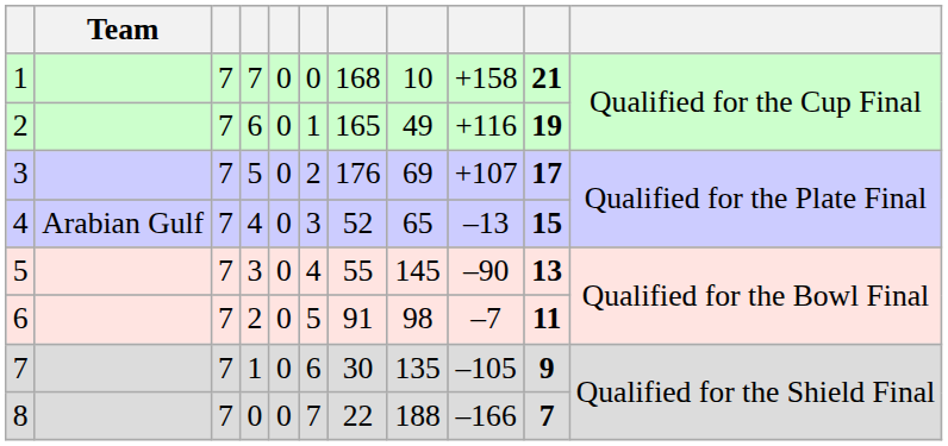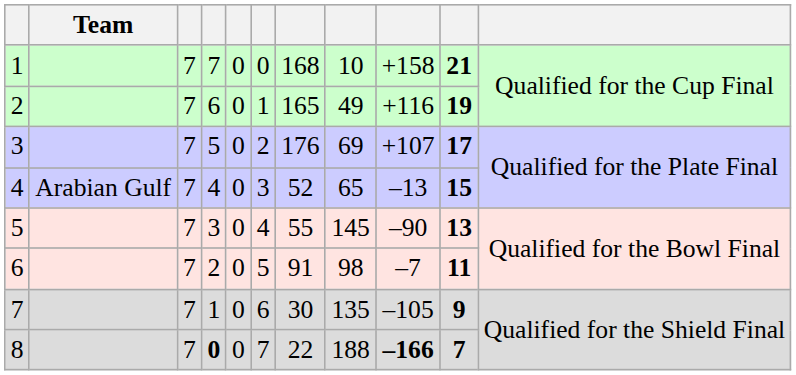 <table class="wikitable" style="text-align: center;">
 <tr>
 <th></th>
 <th>Team</th>
 <th></th>
 <th></th>
 <th></th>
 <th></th>
 <th></th>
 <th></th>
 <th></th>
 <th></th>
 <th></th>
 </tr>
 <tr bgcolor="#ccffcc">
 <td>1</td>
 <td align="left"></td>
 <td>7</td>
 <td>7</td>
 <td>0</td>
 <td>0</td>
 <td>168</td>
 <td>10</td>
 <td>+158</td>
 <td><strong>21</strong></td>
 <td rowspan="2">Qualified for the Cup Final</td>
 </tr>
 <tr bgcolor="#ccffcc">
 <td>2</td>
 <td align="left"></td>
 <td>7</td>
 <td>6</td>
 <td>0</td>
 <td>1</td>
 <td>165</td>
 <td>49</td>
 <td>+116</td>
 <td><strong>19</strong></td>
 </tr>
 <tr bgcolor="ccccff">
 <td>3</td>
 <td align="left"></td>
 <td>7</td>
 <td>5</td>
 <td>0</td>
 <td>2</td>
 <td>176</td>
 <td>69</td>
 <td>+107</td>
 <td><strong>17</strong></td>
 <td rowspan="2">Qualified for the Plate Final</td>
 </tr>
 <tr bgcolor="ccccff">
 <td>4</td>
 <td align="left"> Arabian Gulf</td>
 <td>7</td>
 <td>4</td>
 <td>0</td>
 <td>3</td>
 <td>52</td>
 <td>65</td>
 <td>–13</td>
 <td><strong>15</strong></td>
 </tr>
 <tr bgcolor="FFE4E1">
 <td>5</td>
 <td align="left"></td>
 <td>7</td>
 <td>3</td>
 <td>0</td>
 <td>4</td>
 <td>55</td>
 <td>145</td>
 <td>–90</td>
 <td><strong>13</strong></td>
 <td rowspan="2">Qualified for the Bowl Final</td>
 </tr>
 <tr bgcolor="FFE4E1">
 <td>6</td>
 <td align="left"></td>
 <td>7</td>
 <td>2</td>
 <td>0</td>
 <td>5</td>
 <td>91</td>
 <td>98</td>
 <td>–7</td>
 <td><strong>11</strong></td>
 </tr>
 <tr bgcolor="DCDCDC">
 <td>7</td>
 <td align="left"></td>
 <td>7</td>
 <td>1</td>
 <td>0</td>
 <td>6</td>
 <td>30</td>
 <td>135</td>
 <td>–105</td>
 <td><strong>9</strong></td>
 <td rowspan="2">Qualified for the Shield Final</td>
 </tr>
 <tr bgcolor="DCDCDC">
 <td>8</td>
 <td align="left"></td>
 <td>7</td>
-<td>0</td>
+<td><strong>0</strong></td>
 <td>0</td>
 <td>7</td>
 <td>22</td>
 <td>188</td>
-<td>–166</td>
+<td><strong>–166</strong></td>
 <td><strong>7</strong></td>
 </tr>
 </table>
